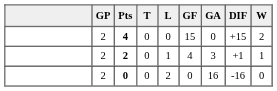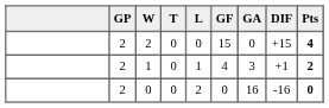 <table border=1 cellpadding=5 cellspacing=0>
 <tr>
 <th bgcolor="#efefef" width="120">　</th>
 <th bgcolor="#efefef" width="20">GP</th>
-<th bgcolor="#efefef" width="20">Pts</th>
+<th bgcolor="#efefef" width="20">W</th>
 <th bgcolor="#efefef" width="20">T</th>
 <th bgcolor="#efefef" width="20">L</th>
 <th bgcolor="#efefef" width="20">GF</th>
 <th bgcolor="#efefef" width="20">GA</th>
 <th bgcolor="#efefef" width="20">DIF</th>
-<th bgcolor="#efefef" width="20">W</th>
+<th bgcolor="#efefef" width="20">Pts</th>
 </tr>
 <tr align=center>
 <td align=left><strong></strong></td>
 <td>2</td>
-<td><strong>4</strong></td>
+<td>2</td>
 <td>0</td>
 <td>0</td>
 <td>15</td>
 <td>0</td>
 <td>+15</td>
-<td>2</td>
+<td><strong>4</strong></td>
 </tr>
 <tr align=center>
 <td align=left></td>
 <td>2</td>
-<td><strong>2</strong></td>
+<td>1</td>
 <td>0</td>
 <td>1</td>
 <td>4</td>
 <td>3</td>
 <td>+1</td>
-<td>1</td>
+<td><strong>2</strong></td>
 </tr>
 <tr align=center>
 <td align=left></td>
 <td>2</td>
-<td><strong>0</strong></td>
+<td>0</td>
 <td>0</td>
 <td>2</td>
 <td>0</td>
 <td>16</td>
 <td>-16</td>
-<td>0</td>
+<td><strong>0</strong></td>
 </tr>
 </table>
